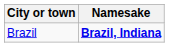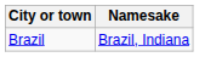 <table class="wikitable">
 <tr>
 <th>City or town</th>
 <th>Namesake</th>
 </tr>
 <tr>
 <td><a href='#'>Brazil</a></td>
-<td><strong><a href='#'>Brazil, Indiana</a></strong></td>
+<td><a href='#'>Brazil, Indiana</a></td>
 </tr>
 </table>
